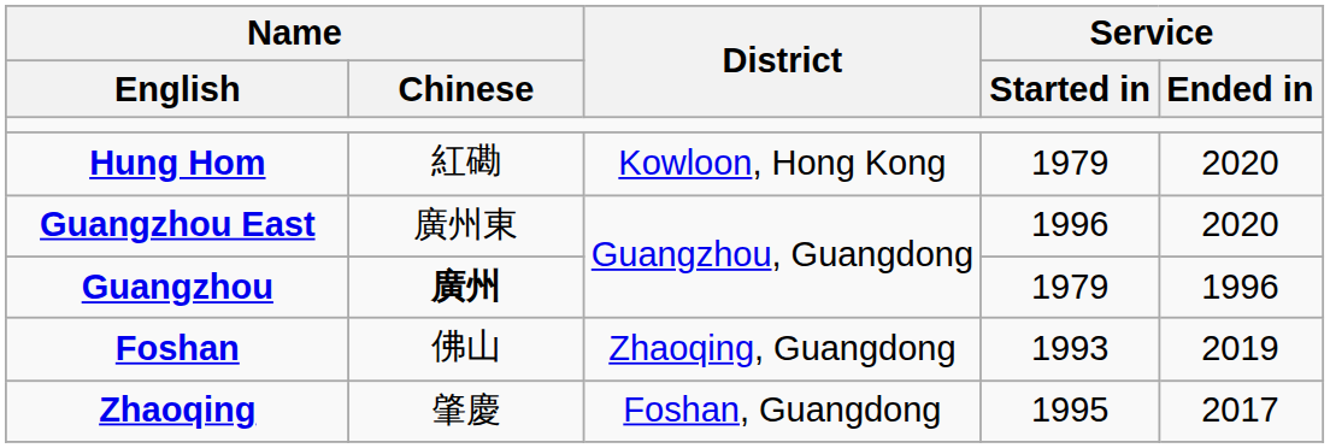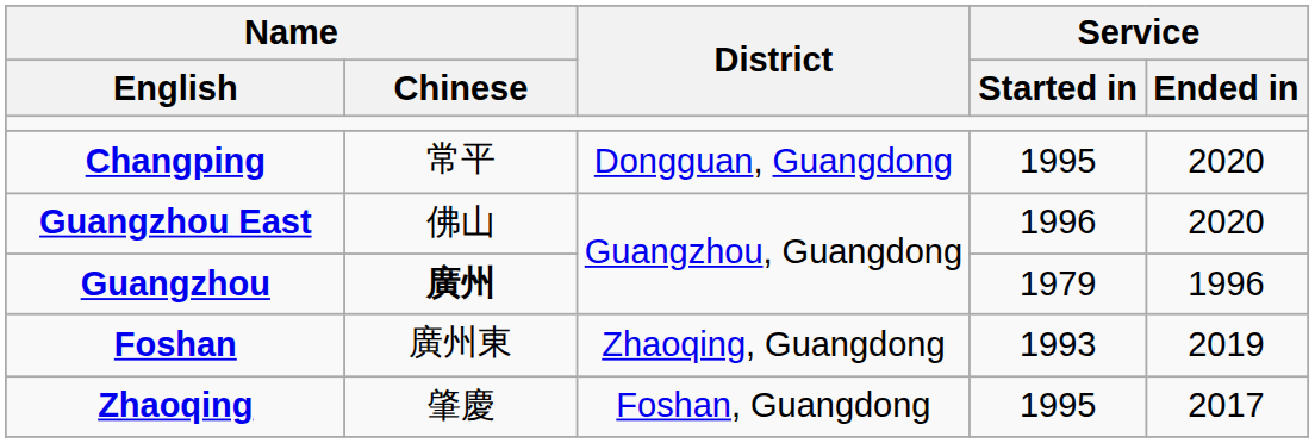 <table class="wikitable" style="text-align: center;">
 <tr>
 <th colspan="2">Name</th>
 <th rowspan="2">District</th>
 <th colspan="2">Service</th>
 </tr>
 <tr>
 <th width="150px">English</th>
 <th width="100px">Chinese</th>
 <th>Started in</th>
 <th>Ended in</th>
 </tr>
 <tr>
 <td colspan="5"></td>
 </tr>
 <tr>
-<td><strong><a href='#'>Hung Hom</a></strong></td>
-<td>紅磡</td>
-<td><a href='#'>Kowloon</a>, Hong Kong</td>
-<td>1979</td>
+<td><strong><a href='#'>Changping</a></strong></td>
+<td>常平</td>
+<td><a href='#'>Dongguan</a>, <a href='#'>Guangdong</a></td>
+<td>1995</td>
 <td>2020</td>
 </tr>
 <tr>
 <td><strong><a href='#'>Guangzhou East</a></strong></td>
-<td>廣州東</td>
+<td>佛山</td>
 <td rowspan=2><a href='#'>Guangzhou</a>, Guangdong</td>
 <td>1996</td>
 <td>2020</td>
 </tr>
 <tr>
 <td><strong><a href='#'>Guangzhou</a></strong></td>
 <td><strong>廣州</strong></td>
 <td>1979</td>
 <td>1996</td>
 </tr>
 <tr>
 <td><strong><a href='#'>Foshan</a></strong></td>
-<td>佛山</td>
+<td>廣州東</td>
 <td><a href='#'>Zhaoqing</a>, Guangdong</td>
 <td>1993</td>
 <td>2019</td>
 </tr>
 <tr>
 <td><strong><a href='#'>Zhaoqing</a></strong></td>
 <td>肇慶</td>
 <td><a href='#'>Foshan</a>, Guangdong</td>
 <td>1995</td>
 <td>2017</td>
 </tr>
 </table>
